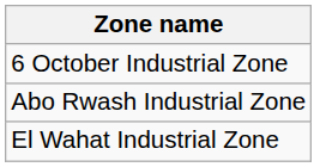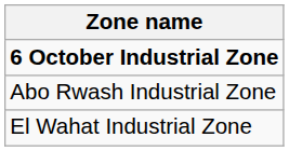 <table class="wikitable">
 <tr>
 <th>Zone name</th>
 </tr>
 <tr>
-<td rowspan="1">6 October Industrial Zone</td>
+<td rowspan="1"><strong>6 October Industrial Zone</strong></td>
 </tr>
 <tr>
 <td rowspan="1">Abo Rwash Industrial Zone</td>
 </tr>
 <tr>
 <td rowspan="1">El Wahat Industrial Zone</td>
 </tr>
 </table>
